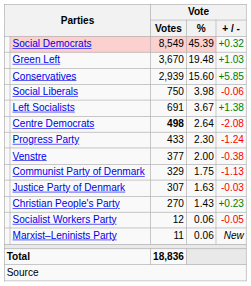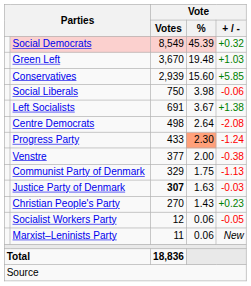 <table class="wikitable" style="text-align:right;">
 <tr>
 <th style="text-align:centre;" rowspan="2" colspan="2" width="225">Parties</th>
 <th colspan="3">Vote</th>
 </tr>
 <tr>
 <th width="15">Votes</th>
 <th width="15">%</th>
 <th width="15">+ / -</th>
 </tr>
 <tr>
 <td width="2" style="color:inherit;background:"></td>
 <td bgcolor=#fbd0ce  align="left"><a href='#'>Social Democrats</a></td>
 <td bgcolor=#fbd0ce>8,549</td>
 <td bgcolor=#fbd0ce>45.39</td>
 <td style=color:green;>+0.32</td>
 </tr>
 <tr>
 <td width="2" style="color:inherit;background:"></td>
 <td align="left"><a href='#'>Green Left</a></td>
 <td>3,670</td>
 <td>19.48</td>
 <td style=color:green;>+1.03</td>
 </tr>
 <tr>
 <td width="2" style="color:inherit;background:"></td>
 <td align="left"><a href='#'>Conservatives</a></td>
 <td>2,939</td>
 <td>15.60</td>
 <td style=color:green;>+5.85</td>
 </tr>
 <tr>
 <td width="2" style="color:inherit;background:"></td>
 <td align="left"><a href='#'>Social Liberals</a></td>
 <td>750</td>
 <td>3.98</td>
 <td style=color:red;>-0.06</td>
 </tr>
 <tr>
 <td width="2" style="color:inherit;background:"></td>
 <td align="left"><a href='#'>Left Socialists</a></td>
 <td>691</td>
 <td>3.67</td>
 <td style=color:green;>+1.38</td>
 </tr>
 <tr>
 <td width="2" style="color:inherit;background:"></td>
 <td align="left"><a href='#'>Centre Democrats</a></td>
-<td><strong>498</strong></td>
+<td>498</td>
 <td>2.64</td>
 <td style=color:red;>-2.08</td>
 </tr>
 <tr>
 <td width="2" style="color:inherit;background:"></td>
 <td align="left"><a href='#'>Progress Party</a></td>
 <td>433</td>
-<td>2.30</td>
+<td style="background: lightsalmon;">2.30</td>
 <td style=color:red;>-1.24</td>
 </tr>
 <tr>
 <td width="2" style="color:inherit;background:"></td>
 <td align="left"><a href='#'>Venstre</a></td>
 <td>377</td>
 <td>2.00</td>
 <td style=color:red;>-0.38</td>
 </tr>
 <tr>
 <td width="2" style="color:inherit;background:"></td>
 <td align="left"><a href='#'>Communist Party of Denmark</a></td>
 <td>329</td>
 <td>1.75</td>
 <td style=color:red;>-1.13</td>
 </tr>
 <tr>
 <td width="2" style="color:inherit;background:"></td>
 <td align="left"><a href='#'>Justice Party of Denmark</a></td>
-<td>307</td>
+<td><strong>307</strong></td>
 <td>1.63</td>
 <td style=color:red;>-0.03</td>
 </tr>
 <tr>
 <td width="2" style="color:inherit;background:"></td>
 <td align="left"><a href='#'>Christian People's Party</a></td>
 <td>270</td>
 <td>1.43</td>
 <td style=color:green;>+0.23</td>
 </tr>
 <tr>
 <td width="2" style="color:inherit;background:"></td>
 <td align="left"><a href='#'>Socialist Workers Party</a></td>
 <td>12</td>
 <td>0.06</td>
 <td style=color:red;>-0.05</td>
 </tr>
 <tr>
 <td width="2" style="color:inherit;background:"></td>
 <td align="left"><a href='#'>Marxist–Leninists Party</a></td>
 <td>11</td>
 <td>0.06</td>
 <td><em>New</em></td>
 </tr>
 <tr>
 <td colspan="7" bgcolor="#E9E9E9"></td>
 </tr>
 <tr>
 <td align="left" colspan="2"><strong>Total</strong></td>
 <td><strong>18,836</strong></td>
 <td bgcolor="#E9E9E9" colspan="2"></td>
 </tr>
 <tr>
 <td align="left" colspan="6">Source</td>
 </tr>
 </table>
